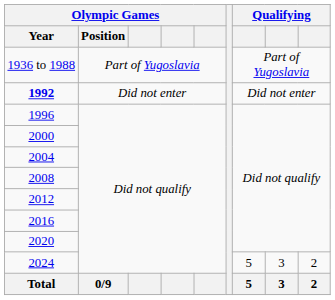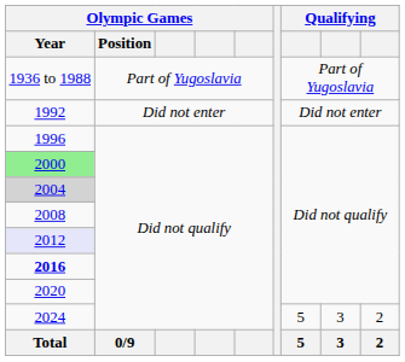 <table class="wikitable" style="text-align: center;font-size:90%;">
 <tr>
 <th colspan=5><a href='#'>Olympic Games</a></th>
 <th rowspan=13></th>
 <th colspan=3><a href='#'>Qualifying</a></th>
 </tr>
 <tr>
 <th>Year</th>
 <th>Position</th>
 <th width=30></th>
 <th width=30></th>
 <th width=30></th>
 <th width=30></th>
 <th width=30></th>
 <th width=30></th>
 </tr>
 <tr>
 <td><a href='#'>1936</a> to <a href='#'>1988</a></td>
 <td colspan=4><em>Part of <a href='#'>Yugoslavia</a></em></td>
 <td colspan=3><em>Part of <a href='#'>Yugoslavia</a></em></td>
 </tr>
 <tr>
-<td><strong> <a href='#'>1992</a></strong></td>
+<td> <a href='#'>1992</a></td>
 <td colspan=4><em>Did not enter</em></td>
 <td colspan=3><em>Did not enter</em></td>
 </tr>
 <tr>
 <td> <a href='#'>1996</a></td>
 <td colspan=4 rowspan=8><em>Did not qualify</em></td>
 <td colspan=3 rowspan=7><em>Did not qualify</em></td>
 </tr>
 <tr>
-<td> <a href='#'>2000</a></td>
+<td style="background: lightgreen;"> <a href='#'>2000</a></td>
 </tr>
 <tr>
-<td> <a href='#'>2004</a></td>
+<td style="background: lightgrey;"> <a href='#'>2004</a></td>
 </tr>
 <tr>
 <td> <a href='#'>2008</a></td>
 </tr>
 <tr>
-<td> <a href='#'>2012</a></td>
+<td style="background: lavender;"> <a href='#'>2012</a></td>
 </tr>
 <tr>
-<td> <a href='#'>2016</a></td>
+<td><strong> <a href='#'>2016</a></strong></td>
 </tr>
 <tr>
 <td> <a href='#'>2020</a></td>
 </tr>
 <tr>
 <td> <a href='#'>2024</a></td>
 <td>5</td>
 <td>3</td>
 <td>2</td>
 </tr>
 <tr>
 <th>Total</th>
 <th>0/9</th>
 <th></th>
 <th></th>
 <th></th>
 <th>5</th>
 <th>3</th>
 <th>2</th>
 </tr>
 </table>
